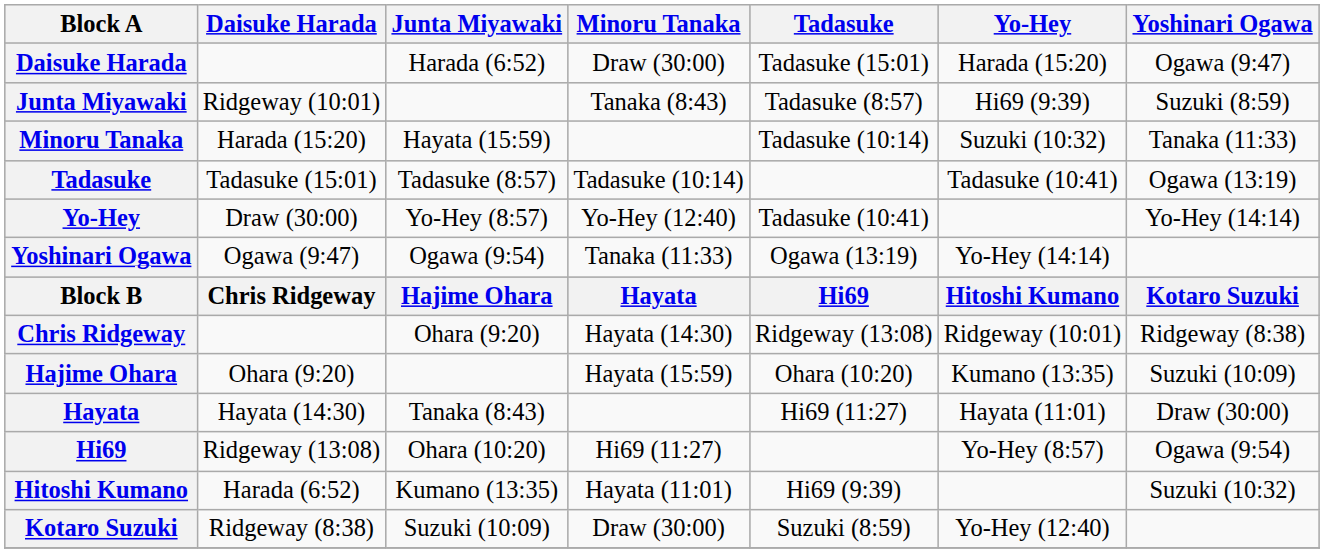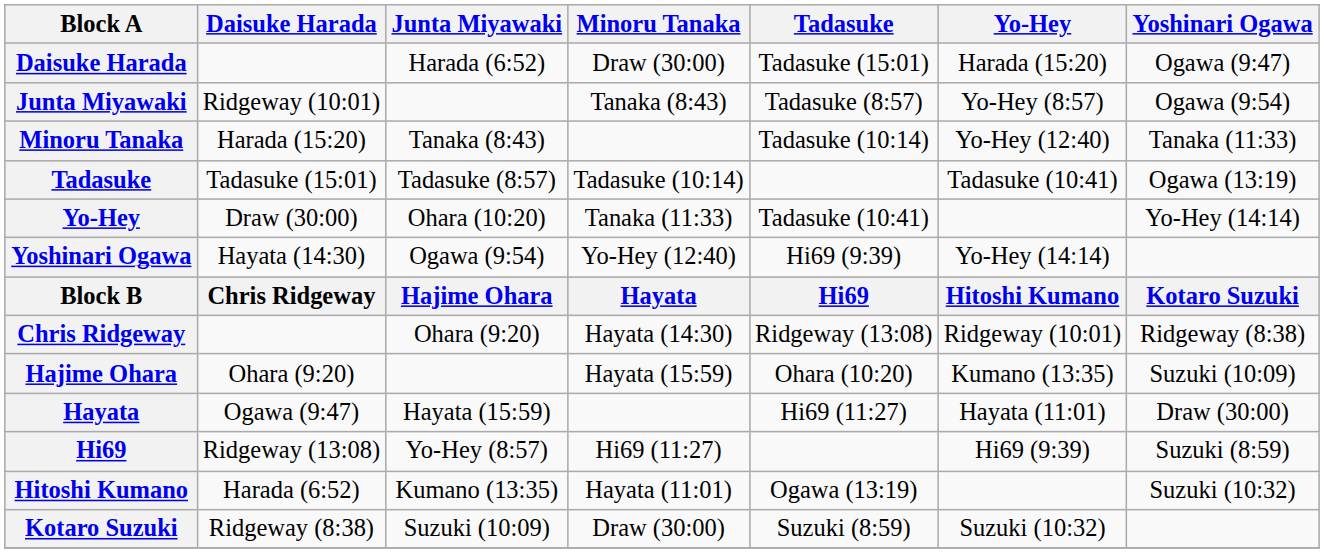 <table class="wikitable" style="margin: 1em auto 1em auto">
 <tr>
 <th>Block A</th>
 <th><a href='#'>Daisuke Harada</a></th>
 <th><a href='#'>Junta Miyawaki</a></th>
 <th><a href='#'>Minoru Tanaka</a></th>
 <th><a href='#'>Tadasuke</a></th>
 <th><a href='#'>Yo-Hey</a></th>
 <th><a href='#'>Yoshinari Ogawa</a></th>
 </tr>
 <tr align="center">
 <th><a href='#'>Daisuke Harada</a></th>
 <td></td>
 <td>Harada (6:52)</td>
 <td>Draw (30:00)</td>
 <td>Tadasuke (15:01)</td>
 <td>Harada (15:20)</td>
 <td>Ogawa (9:47)</td>
 </tr>
 <tr align="center">
 <th><a href='#'>Junta Miyawaki</a></th>
 <td>Ridgeway (10:01)</td>
 <td></td>
 <td>Tanaka (8:43)</td>
 <td>Tadasuke (8:57)</td>
-<td>Hi69 (9:39)</td>
-<td>Suzuki (8:59)</td>
+<td>Yo-Hey (8:57)</td>
+<td>Ogawa (9:54)</td>
 </tr>
 <tr align="center">
 <th><a href='#'>Minoru Tanaka</a></th>
 <td>Harada (15:20)</td>
-<td>Hayata (15:59)</td>
+<td>Tanaka (8:43)</td>
 <td></td>
 <td>Tadasuke (10:14)</td>
-<td>Suzuki (10:32)</td>
+<td>Yo-Hey (12:40)</td>
 <td>Tanaka (11:33)</td>
 </tr>
 <tr align="center">
 <th><a href='#'>Tadasuke</a></th>
 <td>Tadasuke (15:01)</td>
 <td>Tadasuke (8:57)</td>
 <td>Tadasuke (10:14)</td>
 <td></td>
 <td>Tadasuke (10:41)</td>
 <td>Ogawa (13:19)</td>
 </tr>
 <tr align="center">
 <th><a href='#'>Yo-Hey</a></th>
 <td>Draw (30:00)</td>
-<td>Yo-Hey (8:57)</td>
-<td>Yo-Hey (12:40)</td>
+<td>Ohara (10:20)</td>
+<td>Tanaka (11:33)</td>
 <td>Tadasuke (10:41)</td>
 <td></td>
 <td>Yo-Hey (14:14)</td>
 </tr>
 <tr align="center">
 <th><a href='#'>Yoshinari Ogawa</a></th>
-<td>Ogawa (9:47)</td>
+<td>Hayata (14:30)</td>
 <td>Ogawa (9:54)</td>
-<td>Tanaka (11:33)</td>
-<td>Ogawa (13:19)</td>
+<td>Yo-Hey (12:40)</td>
+<td>Hi69 (9:39)</td>
 <td>Yo-Hey (14:14)</td>
 <td></td>
 </tr>
 <tr align="center">
 <th>Block B</th>
 <th>Chris Ridgeway</th>
 <th><a href='#'>Hajime Ohara</a></th>
 <th><a href='#'>Hayata</a></th>
 <th><a href='#'>Hi69</a></th>
 <th><a href='#'>Hitoshi Kumano</a></th>
 <th><a href='#'>Kotaro Suzuki</a></th>
 </tr>
 <tr align="center">
 <th><a href='#'>Chris Ridgeway</a></th>
 <td></td>
 <td>Ohara (9:20)</td>
 <td>Hayata (14:30)</td>
 <td>Ridgeway (13:08)</td>
 <td>Ridgeway (10:01)</td>
 <td>Ridgeway (8:38)</td>
 </tr>
 <tr align="center">
 <th><a href='#'>Hajime Ohara</a></th>
 <td>Ohara (9:20)</td>
 <td></td>
 <td>Hayata (15:59)</td>
 <td>Ohara (10:20)</td>
 <td>Kumano (13:35)</td>
 <td>Suzuki (10:09)</td>
 </tr>
 <tr align="center">
 <th><a href='#'>Hayata</a></th>
-<td>Hayata (14:30)</td>
-<td>Tanaka (8:43)</td>
+<td>Ogawa (9:47)</td>
+<td>Hayata (15:59)</td>
 <td></td>
 <td>Hi69 (11:27)</td>
 <td>Hayata (11:01)</td>
 <td>Draw (30:00)</td>
 </tr>
 <tr align="center">
 <th><a href='#'>Hi69</a></th>
 <td>Ridgeway (13:08)</td>
-<td>Ohara (10:20)</td>
+<td>Yo-Hey (8:57)</td>
 <td>Hi69 (11:27)</td>
 <td></td>
-<td>Yo-Hey (8:57)</td>
-<td>Ogawa (9:54)</td>
+<td>Hi69 (9:39)</td>
+<td>Suzuki (8:59)</td>
 </tr>
 <tr align="center">
 <th><a href='#'>Hitoshi Kumano</a></th>
 <td>Harada (6:52)</td>
 <td>Kumano (13:35)</td>
 <td>Hayata (11:01)</td>
-<td>Hi69 (9:39)</td>
+<td>Ogawa (13:19)</td>
 <td></td>
 <td>Suzuki (10:32)</td>
 </tr>
 <tr align="center">
 <th><a href='#'>Kotaro Suzuki</a></th>
 <td>Ridgeway (8:38)</td>
 <td>Suzuki (10:09)</td>
 <td>Draw (30:00)</td>
 <td>Suzuki (8:59)</td>
-<td>Yo-Hey (12:40)</td>
+<td>Suzuki (10:32)</td>
 <td></td>
 </tr>
 <tr align="center">
 </tr>
 </table>
